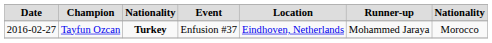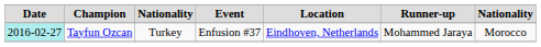 <table class="wikitable" style="text-align:center">
 <tr>
 </tr>
 <tr bgcolor="#dddddd">
 <td><strong>Date</strong></td>
 <td><strong>Champion</strong></td>
 <td><strong>Nationality</strong></td>
 <td><strong>Event</strong></td>
 <td><strong>Location</strong></td>
 <td><strong>Runner-up</strong></td>
 <td><strong>Nationality</strong></td>
 </tr>
 <tr>
 </tr>
 <tr>
-<td>2016-02-27</td>
+<td style="background: paleturquoise;">2016-02-27</td>
 <td><a href='#'>Tayfun Ozcan</a></td>
-<td><strong> Turkey</strong></td>
+<td> Turkey</td>
 <td>Enfusion #37</td>
 <td><a href='#'>Eindhoven, Netherlands</a></td>
 <td>Mohammed Jaraya</td>
 <td> Morocco</td>
 </tr>
 <tr>
 </tr>
 </table>
